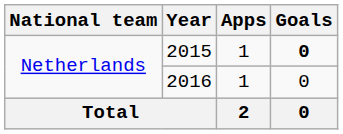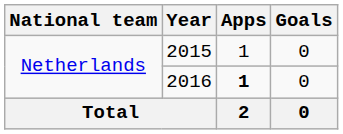 <table class="wikitable" style="text-align:center">
 <tr>
 <th>National team</th>
 <th>Year</th>
 <th>Apps</th>
 <th>Goals</th>
 </tr>
 <tr>
 <td rowspan="2"><a href='#'>Netherlands</a></td>
 <td>2015</td>
 <td>1</td>
-<td><strong>0</strong></td>
+<td>0</td>
 </tr>
 <tr>
 <td>2016</td>
-<td>1</td>
+<td><strong>1</strong></td>
 <td>0</td>
 </tr>
 <tr>
 <th colspan="2">Total</th>
 <th>2</th>
 <th>0</th>
 </tr>
 </table>
